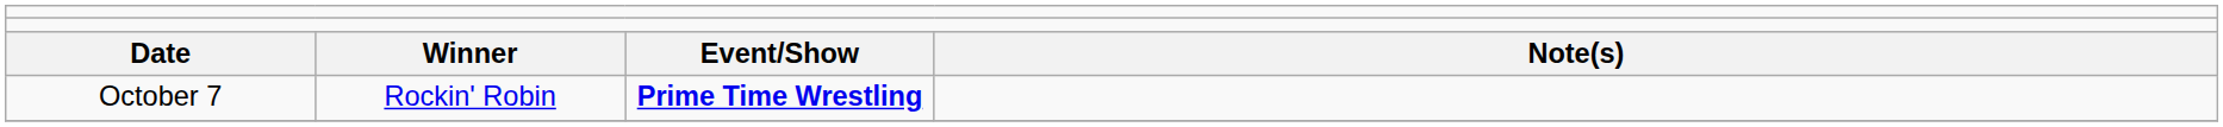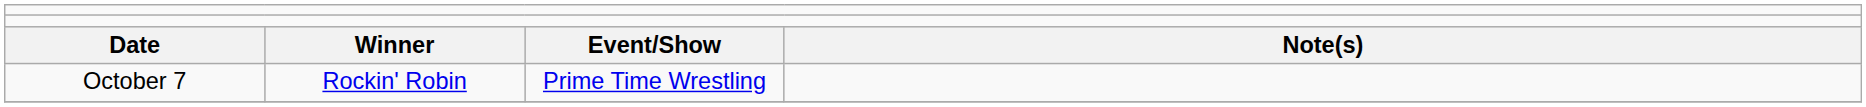 <table class="wikitable" style="text-align:center; width:100%;">
 <tr>
 <td colspan="5"></td>
 </tr>
 <tr>
 <td colspan="5"><strong></strong></td>
 </tr>
 <tr>
 <th width=14%>Date</th>
 <th width=14%>Winner</th>
 <th width=14%>Event/Show</th>
 <th width=58%>Note(s)</th>
 </tr>
 <tr>
 <td>October 7</td>
 <td><a href='#'>Rockin' Robin</a></td>
-<td><strong><a href='#'>Prime Time Wrestling</a></strong></td>
+<td><a href='#'>Prime Time Wrestling</a></td>
 <td align=left></td>
 </tr>
 <tr>
 </tr>
 </table>
